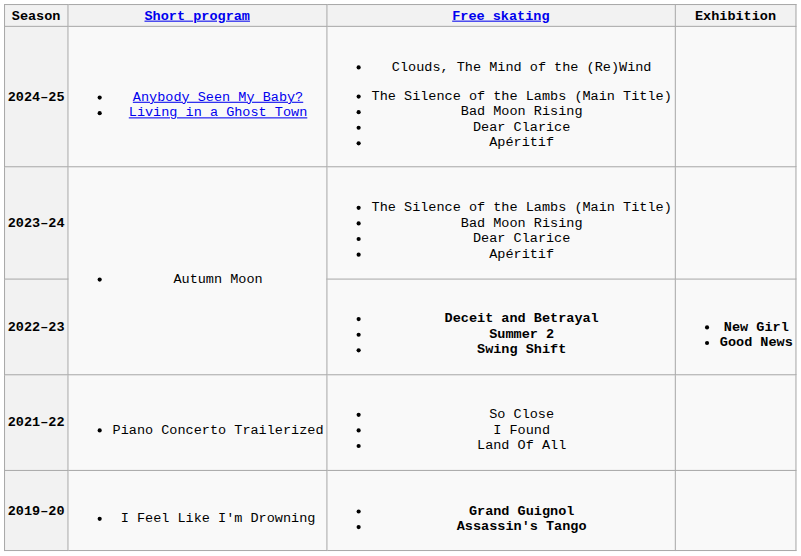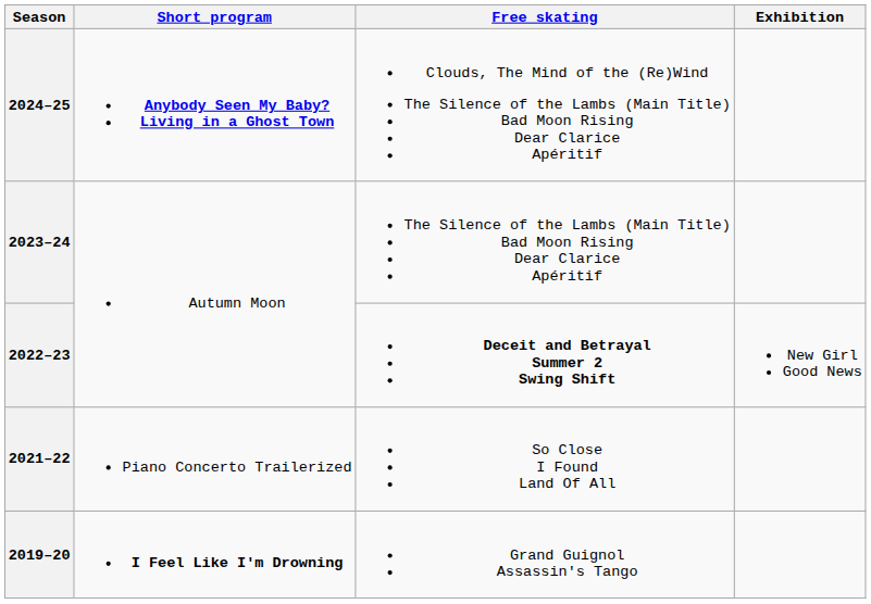 <table class=wikitable style=text-align:center>
 <tr>
 <th>Season</th>
 <th><a href='#'>Short program</a></th>
 <th><a href='#'>Free skating</a></th>
 <th>Exhibition</th>
 </tr>
 <tr>
 <th>2024–25 <br> </th>
-<td><br><ul><li><a href='#'>Anybody Seen My Baby?</a></li><li><a href='#'>Living in a Ghost Town</a> <br> </li></ul></td>
+<td><strong><br><ul><li><a href='#'>Anybody Seen My Baby?</a></li><li><a href='#'>Living in a Ghost Town</a> <br> </li></ul></strong></td>
 <td><br><ul><li>Clouds, The Mind of the (Re)Wind <br> </li></ul><ul><li>The Silence of the Lambs (Main Title)  <br></li><li>Bad Moon Rising <br></li><li>Dear Clarice <br></li><li>Apéritif <br> </li></ul></td>
 <td></td>
 </tr>
 <tr>
 <th>2023–24 <br> </th>
 <td rowspan=2><br><ul><li>Autumn Moon <br></li></ul></td>
 <td><br><ul><li>The Silence of the Lambs (Main Title)  <br></li><li>Bad Moon Rising <br></li><li>Dear Clarice <br></li><li>Apéritif <br> </li></ul></td>
 <td></td>
 </tr>
 <tr>
 <th>2022–23 <br> </th>
 <td><strong><br><ul><li>Deceit and Betrayal <br></li><li>Summer 2 <br></li><li>Swing Shift <br></li></ul></strong></td>
-<td><strong><br><ul><li>New Girl <br></li><li>Good News <br></li></ul></strong></td>
+<td><br><ul><li>New Girl <br></li><li>Good News <br></li></ul></td>
 </tr>
 <tr>
 <th>2021–22 <br> </th>
 <td><br><ul><li>Piano Concerto Trailerized <br></li></ul></td>
 <td><br><ul><li>So Close <br></li><li>I Found <br></li><li>Land Of All <br></li></ul></td>
 <td></td>
 </tr>
 <tr>
 <th>2019–20 <br> </th>
-<td><br><ul><li>I Feel Like I'm Drowning <br></li></ul></td>
-<td><strong><br><ul><li>Grand Guignol <br></li><li>Assassin's Tango <br></li></ul></strong></td>
+<td><strong><br><ul><li>I Feel Like I'm Drowning <br></li></ul></strong></td>
+<td><br><ul><li>Grand Guignol <br></li><li>Assassin's Tango <br></li></ul></td>
 <td></td>
 </tr>
 </table>
